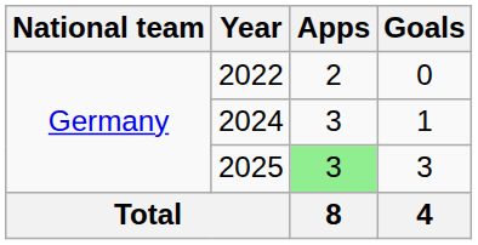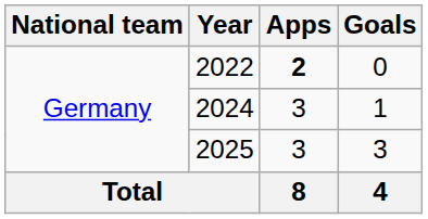 <table class="wikitable" style="text-align:center">
 <tr>
 <th>National team</th>
 <th>Year</th>
 <th>Apps</th>
 <th>Goals</th>
 </tr>
 <tr>
 <td rowspan=3><a href='#'>Germany</a></td>
 <td>2022</td>
-<td>2</td>
+<td><strong>2</strong></td>
 <td>0</td>
 </tr>
 <tr>
 <td>2024</td>
 <td>3</td>
 <td>1</td>
 </tr>
 <tr>
 <td>2025</td>
-<td style="background: lightgreen;">3</td>
+<td>3</td>
 <td>3</td>
 </tr>
 <tr>
 <th colspan="2">Total</th>
 <th>8</th>
 <th>4</th>
 </tr>
 </table>
